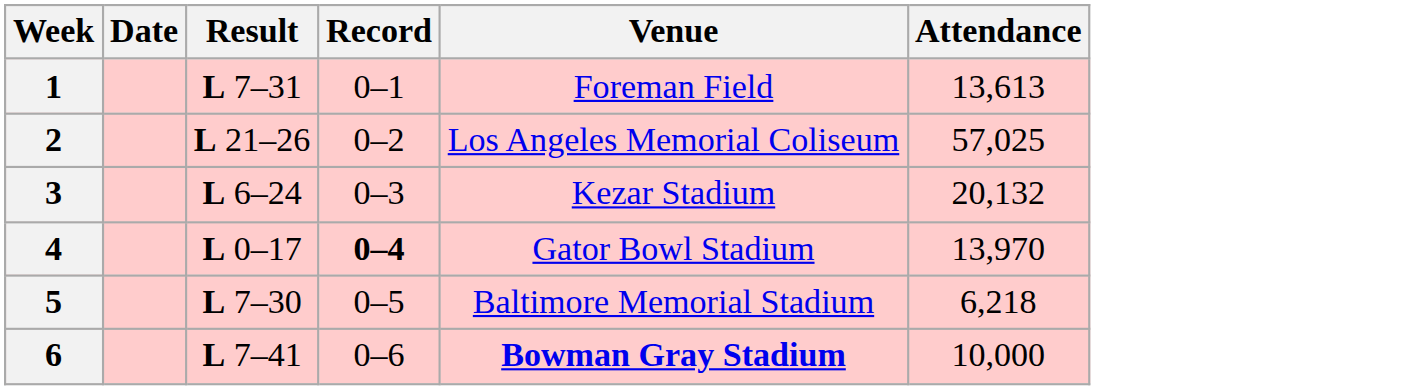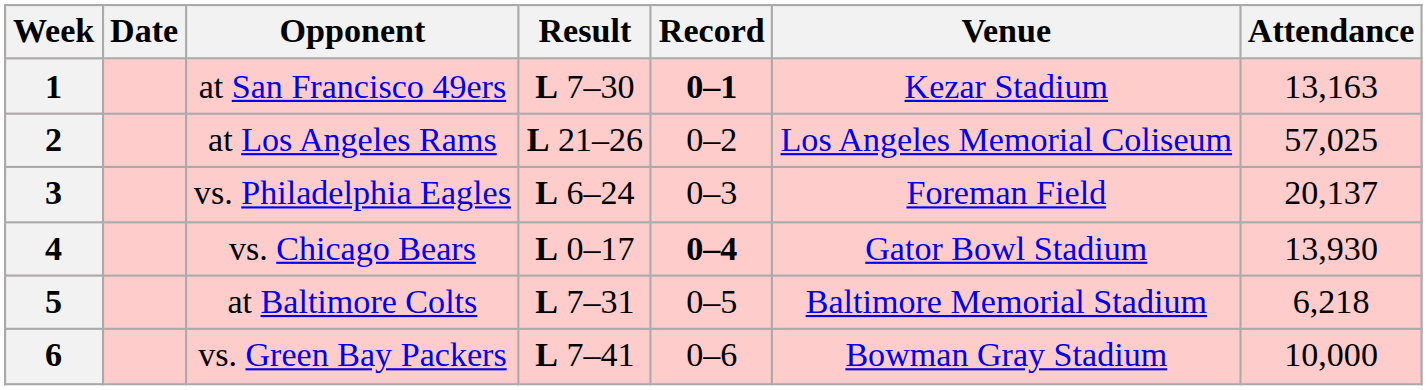 <table class="wikitable" style="text-align:center">
 <tr>
 <th>Week</th>
 <th>Date</th>
+<th>Opponent</th>
 <th>Result</th>
 <th>Record</th>
 <th>Venue</th>
 <th>Attendance</th>
 </tr>
 <tr style="background:#fcc;">
 <th>1</th>
 <td></td>
-<td><strong>L</strong> 7–31</td>
-<td>0–1</td>
-<td><a href='#'>Foreman Field</a> </td>
-<td>13,613</td>
+<td>at <a href='#'>San Francisco 49ers</a></td>
+<td><strong>L</strong> 7–30</td>
+<td><strong>0–1</strong></td>
+<td><a href='#'>Kezar Stadium</a></td>
+<td>13,163</td>
 </tr>
 <tr style="background:#fcc;">
 <th>2</th>
 <td></td>
+<td>at <a href='#'>Los Angeles Rams</a></td>
 <td><strong>L</strong> 21–26</td>
 <td>0–2</td>
 <td><a href='#'>Los Angeles Memorial Coliseum</a></td>
 <td>57,025</td>
 </tr>
 <tr style="background:#fcc;">
 <th>3</th>
 <td></td>
+<td>vs. <a href='#'>Philadelphia Eagles</a></td>
 <td><strong>L</strong> 6–24</td>
 <td>0–3</td>
-<td><a href='#'>Kezar Stadium</a></td>
-<td>20,132</td>
+<td><a href='#'>Foreman Field</a> </td>
+<td>20,137</td>
 </tr>
 <tr style="background:#fcc;">
 <th>4</th>
 <td></td>
+<td>vs. <a href='#'>Chicago Bears</a></td>
 <td><strong>L</strong> 0–17</td>
 <td><strong>0–4</strong></td>
 <td><a href='#'>Gator Bowl Stadium</a> </td>
-<td>13,970</td>
+<td>13,930</td>
 </tr>
 <tr style="background:#fcc;">
 <th>5</th>
 <td></td>
-<td><strong>L</strong> 7–30</td>
+<td>at <a href='#'>Baltimore Colts</a></td>
+<td><strong>L</strong> 7–31</td>
 <td>0–5</td>
 <td><a href='#'>Baltimore Memorial Stadium</a></td>
 <td>6,218</td>
 </tr>
 <tr style="background:#fcc;">
 <th>6</th>
 <td></td>
+<td>vs. <a href='#'>Green Bay Packers</a></td>
 <td><strong>L</strong> 7–41</td>
 <td>0–6</td>
-<td><strong><a href='#'>Bowman Gray Stadium</a> </strong></td>
+<td><a href='#'>Bowman Gray Stadium</a> </td>
 <td>10,000</td>
 </tr>
 </table>
